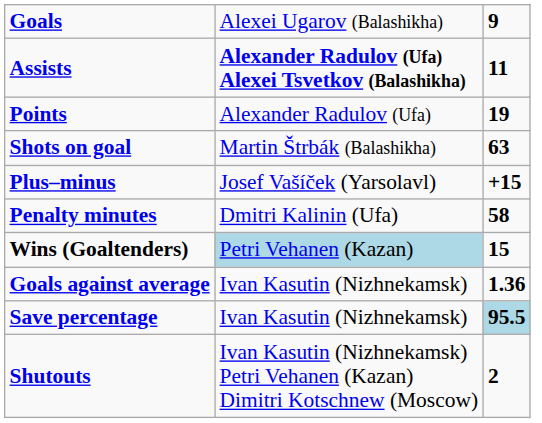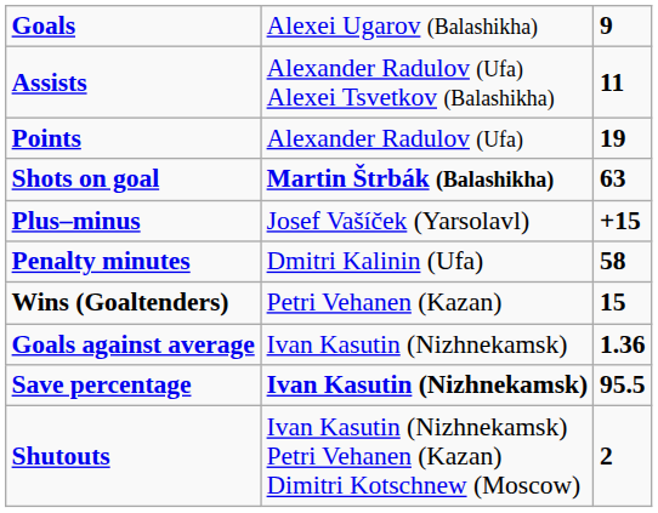 <table class="wikitable" style="text-align:left;">
 <tr>
 <td><strong><a href='#'>Goals</a></strong></td>
 <td> <a href='#'>Alexei Ugarov</a> <small>(Balashikha)</small></td>
 <td><strong>9</strong></td>
 </tr>
 <tr>
 <td><strong><a href='#'>Assists</a></strong></td>
-<td><strong> <a href='#'>Alexander Radulov</a> <small>(Ufa)</small><br> <a href='#'>Alexei Tsvetkov</a> <small>(Balashikha)</small><br></strong></td>
+<td> <a href='#'>Alexander Radulov</a> <small>(Ufa)</small><br> <a href='#'>Alexei Tsvetkov</a> <small>(Balashikha)</small><br></td>
 <td><strong>11</strong></td>
 </tr>
 <tr>
 <td><strong><a href='#'>Points</a></strong></td>
 <td> <a href='#'>Alexander Radulov</a> <small>(Ufa)</small><br></td>
 <td><strong>19</strong></td>
 </tr>
 <tr>
 <td><strong><a href='#'>Shots on goal</a></strong></td>
-<td> <a href='#'>Martin Štrbák</a> <small>(Balashikha)</small></td>
+<td><strong> <a href='#'>Martin Štrbák</a> <small>(Balashikha)</small></strong></td>
 <td><strong>63</strong></td>
 </tr>
 <tr>
 <td><strong><a href='#'>Plus–minus</a></strong></td>
 <td> <a href='#'>Josef Vašíček</a> (Yarsolavl)<br></td>
 <td><strong>+15</strong></td>
 </tr>
 <tr>
 <td><strong><a href='#'>Penalty minutes</a></strong></td>
 <td> <a href='#'>Dmitri Kalinin</a> (Ufa)</td>
 <td><strong>58</strong></td>
 </tr>
 <tr>
 <td><strong>Wins (Goaltenders)</strong></td>
-<td style="background: lightblue;"> <a href='#'>Petri Vehanen</a> (Kazan)<br></td>
+<td> <a href='#'>Petri Vehanen</a> (Kazan)<br></td>
 <td><strong>15</strong></td>
 </tr>
 <tr>
 <td><strong><a href='#'>Goals against average</a></strong></td>
 <td> <a href='#'>Ivan Kasutin</a> (Nizhnekamsk)<br></td>
 <td><strong>1.36</strong></td>
 </tr>
 <tr>
 <td><strong><a href='#'>Save percentage</a></strong></td>
-<td> <a href='#'>Ivan Kasutin</a> (Nizhnekamsk)<br></td>
-<td style="background: lightblue;"><strong>95.5</strong></td>
+<td><strong> <a href='#'>Ivan Kasutin</a> (Nizhnekamsk)<br></strong></td>
+<td><strong>95.5</strong></td>
 </tr>
 <tr>
 <td><strong><a href='#'>Shutouts</a></strong></td>
 <td> <a href='#'>Ivan Kasutin</a> (Nizhnekamsk)<br> <a href='#'>Petri Vehanen</a> (Kazan)<br>  <a href='#'>Dimitri Kotschnew</a> (Moscow)<br></td>
 <td><strong>2</strong></td>
 </tr>
 </table>
